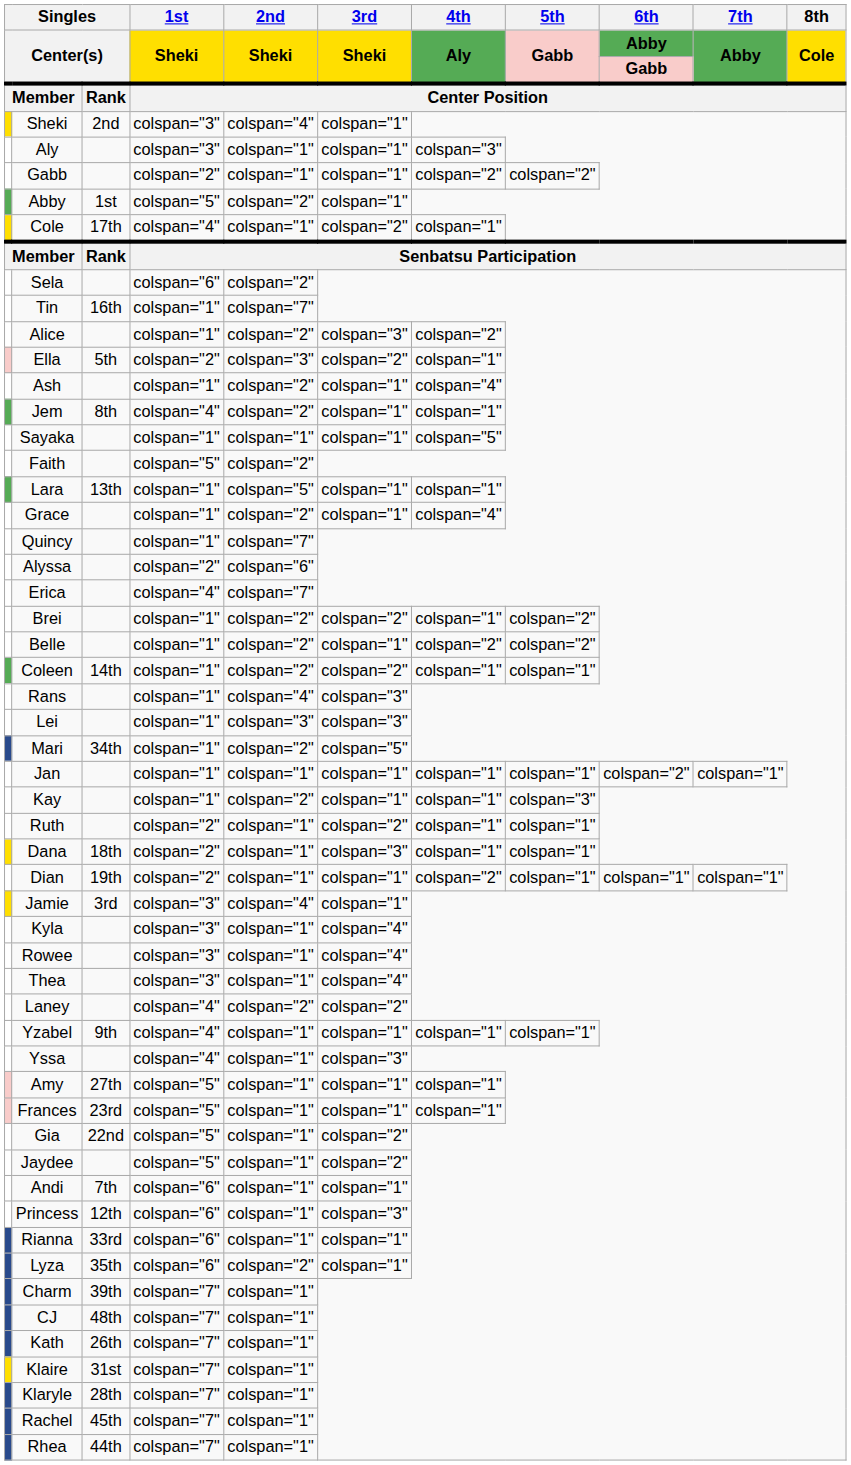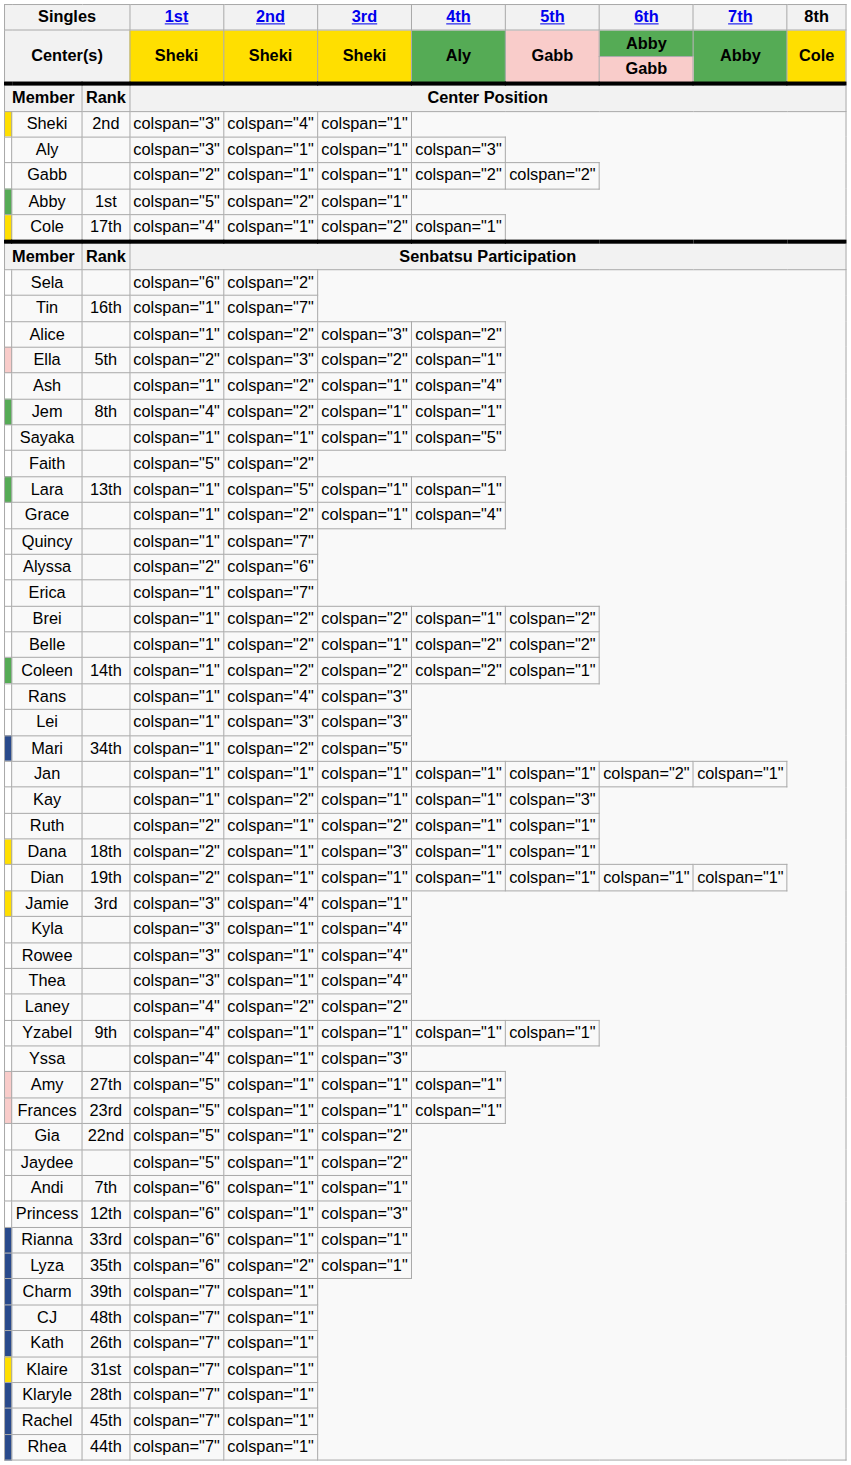 <table class="wikitable plainrowheaders" style="text-align:center;">
 <tr>
 <th colspan="3" scope="col" style="width:100px;">Singles</th>
 <th scope="col" style="width:50px;"><a href='#'>1st</a></th>
 <th scope="col" style="width:50px;"><a href='#'>2nd</a></th>
 <th scope="col" style="width:50px;"><a href='#'>3rd</a></th>
 <th scope="col" style="width:50px;"><a href='#'>4th</a></th>
 <th scope="col" style="width:50px;"><a href='#'>5th</a></th>
 <th scope="col" style="width:50px;"><a href='#'>6th</a></th>
 <th scope="col" style="width:50px;"><a href='#'>7th</a></th>
 <th scope="col" style="width:50px;">8th</th>
 </tr>
 <tr>
 <th colspan="3" rowspan="2" scope="col">Center(s)</th>
 <td rowspan="2" scope="col" style="width:50px; background-color:#FFDF00;"><strong>Sheki</strong></td>
 <td rowspan="2" scope="col" style="width:50px; background-color:#FFDF00;"><strong>Sheki</strong></td>
 <td rowspan="2" scope="col" style="width:50px; background-color:#FFDF00;"><strong>Sheki</strong></td>
 <td rowspan="2" scope="col" style="width:50px; background-color:#55AB55;"><strong>Aly</strong></td>
 <td rowspan="2" scope="col" style="width:50px; background-color:#F9CCCA;"><strong>Gabb</strong></td>
 <td scope="col" style="width:50px; background-color:#55AB55;"><strong>Abby</strong></td>
 <td rowspan="2" scope="col" style="width:50px; background-color:#55AB55;"><strong>Abby</strong></td>
 <td rowspan="2" scope="col" style="width:50px; background-color:#FFDF00;"><strong>Cole</strong></td>
 </tr>
 <tr>
 <td scope="col" style="width:50px; background-color:#F9CCCA;"><strong>Gabb</strong></td>
 </tr>
 <tr style="border-top: 4px solid;">
 <th colspan="2">Member</th>
 <th>Rank</th>
 <th colspan="8">Center Position</th>
 </tr>
 <tr>
 <th style="background-color:#FFDF00"></th>
 <td>Sheki</td>
 <td>2nd</td>
 <td>colspan="3" </td>
 <td>colspan="4" </td>
 <td>colspan="1" </td>
 </tr>
 <tr>
 <th style="background-color:#FFFFFF"></th>
 <td>Aly</td>
 <td></td>
 <td>colspan="3" </td>
 <td>colspan="1" </td>
 <td>colspan="1" </td>
 <td>colspan="3" </td>
 </tr>
 <tr>
 <th style="background-color:#FFFFFF"></th>
 <td>Gabb</td>
 <td></td>
 <td>colspan="2" </td>
 <td>colspan="1" </td>
 <td>colspan="1" </td>
 <td>colspan="2" </td>
 <td>colspan="2" </td>
 </tr>
 <tr>
 <th style="background-color:#55AB55"></th>
 <td>Abby</td>
 <td>1st</td>
 <td>colspan="5" </td>
 <td>colspan="2" </td>
 <td>colspan="1" </td>
 </tr>
 <tr>
 <th style="background-color:#FFDF00"></th>
 <td>Cole</td>
 <td>17th</td>
 <td>colspan="4" </td>
 <td>colspan="1" </td>
 <td>colspan="2" </td>
 <td>colspan="1" </td>
 </tr>
 <tr style="border-top: 4px solid;">
 <th colspan="2">Member</th>
 <th>Rank</th>
 <th colspan="8">Senbatsu Participation</th>
 </tr>
 <tr>
 <td style="background-color:#FFFFFF"></td>
 <td>Sela</td>
 <td></td>
 <td>colspan="6" </td>
 <td>colspan="2" </td>
 </tr>
 <tr>
 <td style="background-color:#FFFFFF"></td>
 <td>Tin</td>
 <td>16th</td>
 <td>colspan="1" </td>
 <td>colspan="7" </td>
 </tr>
 <tr>
 <td style="background-color:#FFFFFF"></td>
 <td>Alice</td>
 <td></td>
 <td>colspan="1" </td>
 <td>colspan="2" </td>
 <td>colspan="3" </td>
 <td>colspan="2" </td>
 </tr>
 <tr>
 <td style="background-color:#F9CCCA"></td>
 <td>Ella</td>
 <td>5th</td>
 <td>colspan="2" </td>
 <td>colspan="3" </td>
 <td>colspan="2" </td>
 <td>colspan="1" </td>
 </tr>
 <tr>
 <th style="background-color:#FFFFFF"></th>
 <td>Ash</td>
 <td></td>
 <td>colspan="1" </td>
 <td>colspan="2" </td>
 <td>colspan="1" </td>
 <td>colspan="4" </td>
 </tr>
 <tr>
 <th style="background-color:#55AB55"></th>
 <td>Jem</td>
 <td>8th</td>
 <td>colspan="4" </td>
 <td>colspan="2" </td>
 <td>colspan="1" </td>
 <td>colspan="1" </td>
 </tr>
 <tr>
 <th style="background-color:#FFFFFF"></th>
 <td>Sayaka</td>
 <td></td>
 <td>colspan="1" </td>
 <td>colspan="1" </td>
 <td>colspan="1" </td>
 <td>colspan="5" </td>
 </tr>
 <tr>
 <th style="background-color:#FFFFFF"></th>
 <td>Faith</td>
 <td></td>
 <td>colspan="5" </td>
 <td>colspan="2" </td>
 </tr>
 <tr>
 <th style="background-color:#55AB55"></th>
 <td>Lara</td>
 <td>13th</td>
 <td>colspan="1" </td>
 <td>colspan="5" </td>
 <td>colspan="1" </td>
 <td>colspan="1" </td>
 </tr>
 <tr>
 <th style="background-color:#FFFFFF"></th>
 <td>Grace</td>
 <td></td>
 <td>colspan="1" </td>
 <td>colspan="2" </td>
 <td>colspan="1" </td>
 <td>colspan="4" </td>
 </tr>
 <tr>
 <th style="background-color:#FFFFFF"></th>
 <td>Quincy</td>
 <td></td>
 <td>colspan="1" </td>
 <td>colspan="7" </td>
 </tr>
 <tr>
 <th style="background-color:#FFFFFF"></th>
 <td>Alyssa</td>
 <td></td>
 <td>colspan="2" </td>
 <td>colspan="6" </td>
 </tr>
 <tr>
 <th style="background-color:#FFFFFF"></th>
 <td>Erica</td>
 <td></td>
-<td>colspan="4" </td>
+<td>colspan="1" </td>
 <td>colspan="7" </td>
 </tr>
 <tr>
 <th style="background-color:#FFFFFF"></th>
 <td>Brei</td>
 <td></td>
 <td>colspan="1" </td>
 <td>colspan="2" </td>
 <td>colspan="2" </td>
 <td>colspan="1" </td>
 <td>colspan="2" </td>
 </tr>
 <tr>
 <th style="background-color:#FFFFFF"></th>
 <td>Belle</td>
 <td></td>
 <td>colspan="1" </td>
 <td>colspan="2" </td>
 <td>colspan="1" </td>
 <td>colspan="2" </td>
 <td>colspan="2" </td>
 </tr>
 <tr>
 <th style="background-color:#55AB55"></th>
 <td>Coleen</td>
 <td>14th</td>
 <td>colspan="1" </td>
 <td>colspan="2" </td>
 <td>colspan="2" </td>
-<td>colspan="1" </td>
+<td>colspan="2" </td>
 <td>colspan="1" </td>
 </tr>
 <tr>
 <th style="background-color:#FFFFFF"></th>
 <td>Rans</td>
 <td></td>
 <td>colspan="1" </td>
 <td>colspan="4" </td>
 <td>colspan="3" </td>
 </tr>
 <tr>
 <th style="background-color:#FFFFFF"></th>
 <td>Lei</td>
 <td></td>
 <td>colspan="1" </td>
 <td>colspan="3" </td>
 <td>colspan="3" </td>
 </tr>
 <tr>
 <td style="background-color:#294A8C"></td>
 <td>Mari</td>
 <td>34th</td>
 <td>colspan="1" </td>
 <td>colspan="2" </td>
 <td>colspan="5" </td>
 </tr>
 <tr>
 <th style="background-color:#FFFFFF"></th>
 <td>Jan</td>
 <td></td>
 <td>colspan="1" </td>
 <td>colspan="1" </td>
 <td>colspan="1" </td>
 <td>colspan="1" </td>
 <td>colspan="1" </td>
 <td>colspan="2" </td>
 <td>colspan="1" </td>
 </tr>
 <tr>
 <th style="background-color:#FFFFFF"></th>
 <td>Kay</td>
 <td></td>
 <td>colspan="1" </td>
 <td>colspan="2" </td>
 <td>colspan="1" </td>
 <td>colspan="1" </td>
 <td>colspan="3" </td>
 </tr>
 <tr>
 <th style="background-color:#FFFFFF"></th>
 <td>Ruth</td>
 <td></td>
 <td>colspan="2" </td>
 <td>colspan="1" </td>
 <td>colspan="2" </td>
 <td>colspan="1" </td>
 <td>colspan="1" </td>
 </tr>
 <tr>
 <th style="background-color:#FFDF00"></th>
 <td>Dana</td>
 <td>18th</td>
 <td>colspan="2" </td>
 <td>colspan="1" </td>
 <td>colspan="3" </td>
 <td>colspan="1" </td>
 <td>colspan="1" </td>
 </tr>
 <tr>
 <th style="background-color:#FFFFFF"></th>
 <td>Dian</td>
 <td>19th</td>
 <td>colspan="2" </td>
 <td>colspan="1" </td>
 <td>colspan="1" </td>
-<td>colspan="2" </td>
+<td>colspan="1" </td>
 <td>colspan="1" </td>
 <td>colspan="1" </td>
 <td>colspan="1" </td>
 </tr>
 <tr>
 <th style="background-color:#FFDF00"></th>
 <td>Jamie</td>
 <td>3rd</td>
 <td>colspan="3" </td>
 <td>colspan="4" </td>
 <td>colspan="1" </td>
 </tr>
 <tr>
 <th style="background-color:#FFFFFF"></th>
 <td>Kyla</td>
 <td></td>
 <td>colspan="3" </td>
 <td>colspan="1" </td>
 <td>colspan="4" </td>
 </tr>
 <tr>
 <th style="background-color:#FFFFFF"></th>
 <td>Rowee</td>
 <td></td>
 <td>colspan="3" </td>
 <td>colspan="1" </td>
 <td>colspan="4" </td>
 </tr>
 <tr>
 <th style="background-color:#FFFFFF"></th>
 <td>Thea</td>
 <td></td>
 <td>colspan="3" </td>
 <td>colspan="1" </td>
 <td>colspan="4" </td>
 </tr>
 <tr>
 <th style="background-color:#FFFFFF"></th>
 <td>Laney</td>
 <td></td>
 <td>colspan="4" </td>
 <td>colspan="2" </td>
 <td>colspan="2" </td>
 </tr>
 <tr>
 <th style="background-color:#FFFFFF"></th>
 <td>Yzabel</td>
 <td>9th</td>
 <td>colspan="4" </td>
 <td>colspan="1" </td>
 <td>colspan="1" </td>
 <td>colspan="1" </td>
 <td>colspan="1" </td>
 </tr>
 <tr>
 <th style="background-color:#FFFFFF"></th>
 <td>Yssa</td>
 <td></td>
 <td>colspan="4" </td>
 <td>colspan="1" </td>
 <td>colspan="3" </td>
 </tr>
 <tr>
 <th style="background-color:#F9CCCA"></th>
 <td>Amy</td>
 <td>27th</td>
 <td>colspan="5" </td>
 <td>colspan="1" </td>
 <td>colspan="1" </td>
 <td>colspan="1" </td>
 </tr>
 <tr>
 <th style="background-color:#F9CCCA"></th>
 <td>Frances</td>
 <td>23rd</td>
 <td>colspan="5" </td>
 <td>colspan="1" </td>
 <td>colspan="1" </td>
 <td>colspan="1" </td>
 </tr>
 <tr>
 <th style="background-color:#FFFFFF"></th>
 <td>Gia</td>
 <td>22nd</td>
 <td>colspan="5" </td>
 <td>colspan="1" </td>
 <td>colspan="2" </td>
 </tr>
 <tr>
 <th style="background-color:#FFFFFF"></th>
 <td>Jaydee</td>
 <td></td>
 <td>colspan="5" </td>
 <td>colspan="1" </td>
 <td>colspan="2" </td>
 </tr>
 <tr>
 <th style="background-color:#FFFFFF"></th>
 <td>Andi</td>
 <td>7th</td>
 <td>colspan="6" </td>
 <td>colspan="1" </td>
 <td>colspan="1" </td>
 </tr>
 <tr>
 <th style="background-color:#FFFFFF"></th>
 <td>Princess</td>
 <td>12th</td>
 <td>colspan="6" </td>
 <td>colspan="1" </td>
 <td>colspan="3" </td>
 </tr>
 <tr>
 <th style="background-color:#294A8C"></th>
 <td>Rianna</td>
 <td>33rd</td>
 <td>colspan="6" </td>
 <td>colspan="1" </td>
 <td>colspan="1" </td>
 </tr>
 <tr>
 <th style="background-color:#294A8C"></th>
 <td>Lyza</td>
 <td>35th</td>
 <td>colspan="6" </td>
 <td>colspan="2" </td>
 <td>colspan="1" </td>
 </tr>
 <tr>
 <th style="background-color:#294A8C"></th>
 <td>Charm</td>
 <td>39th</td>
 <td>colspan="7" </td>
 <td>colspan="1" </td>
 </tr>
 <tr>
 <th style="background-color:#294A8C"></th>
 <td>CJ</td>
 <td>48th</td>
 <td>colspan="7" </td>
 <td>colspan="1" </td>
 </tr>
 <tr>
 <th style="background-color:#294A8C"></th>
 <td>Kath</td>
 <td>26th</td>
 <td>colspan="7" </td>
 <td>colspan="1" </td>
 </tr>
 <tr>
 <th style="background-color:#FFDF00"></th>
 <td>Klaire</td>
 <td>31st</td>
 <td>colspan="7" </td>
 <td>colspan="1" </td>
 </tr>
 <tr>
 <th style="background-color:#294A8C"></th>
 <td>Klaryle</td>
 <td>28th</td>
 <td>colspan="7" </td>
 <td>colspan="1" </td>
 </tr>
 <tr>
 <th style="background-color:#294A8C"></th>
 <td>Rachel</td>
 <td>45th</td>
 <td>colspan="7" </td>
 <td>colspan="1" </td>
 </tr>
 <tr>
 <th style="background-color:#294A8C"></th>
 <td>Rhea</td>
 <td>44th</td>
 <td>colspan="7" </td>
 <td>colspan="1" </td>
 </tr>
 </table>
